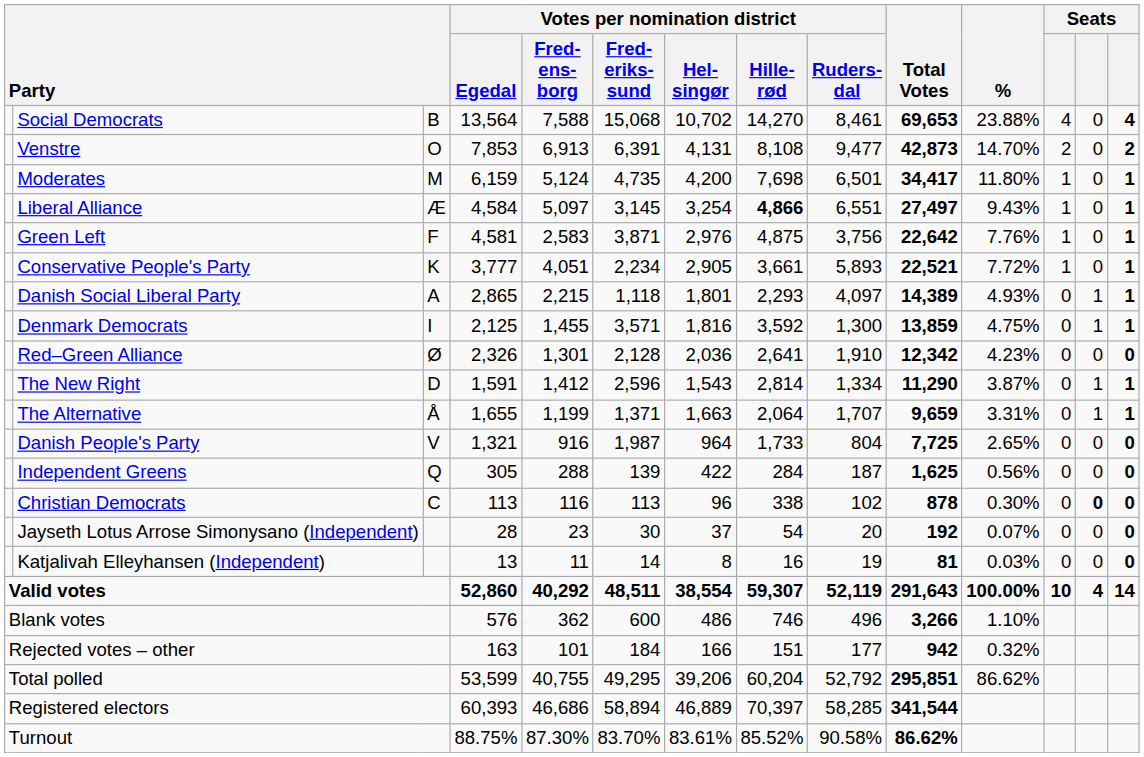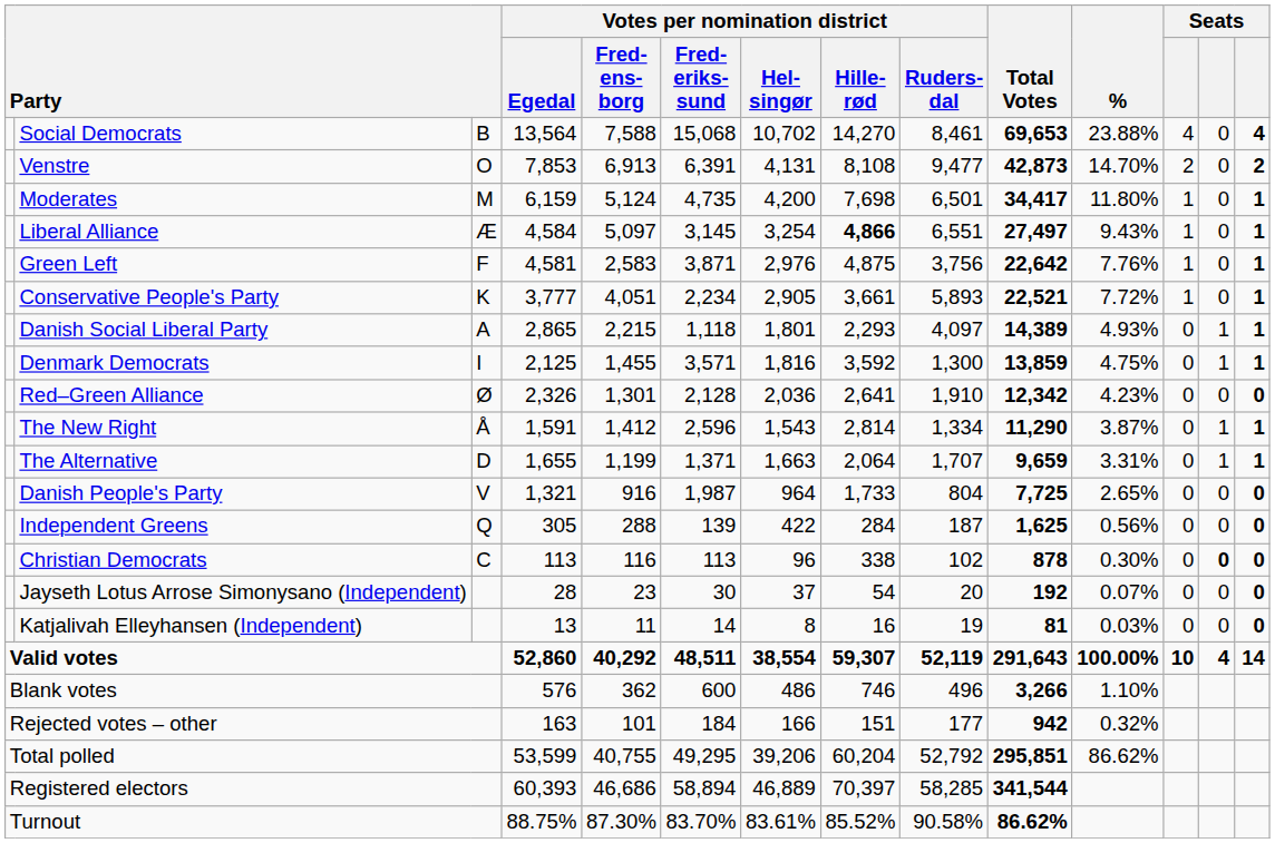 <table class="wikitable" border="1" style="text-align:right;">
 <tr>
 <th style="text-align:left;" valign=bottom rowspan=2 colspan=3>Party</th>
 <th colspan=6>Votes per nomination district</th>
 <th align=center valign=bottom rowspan=2 width="50">Total Votes</th>
 <th align=center valign=bottom rowspan=2 width="50">%</th>
 <th colspan=3>Seats</th>
 </tr>
 <tr>
 <th align=center valign=bottom width="50"><a href='#'>Egedal</a></th>
 <th align="center" valign="bottom" width="50"><a href='#'>Fred- ens- borg</a></th>
 <th align="center" valign="bottom" width="50"><a href='#'>Fred- eriks- sund</a></th>
 <th align="center" valign="bottom" width="50"><a href='#'>Hel- singør</a></th>
 <th align="center" valign="bottom" width="50"><a href='#'>Hille- rød</a></th>
 <th align="center" valign="bottom" width="50"><a href='#'>Ruders- dal</a></th>
 <th align="center" valign="bottom" width="20"><small></small></th>
 <th align=center valign=bottom width="20"><small><a href='#'></a></small></th>
 <th align=center valign=bottom width="20"><small></small></th>
 </tr>
 <tr>
 <td></td>
 <td align=left><a href='#'>Social Democrats</a></td>
 <td align=left>B</td>
 <td>13,564</td>
 <td>7,588</td>
 <td>15,068</td>
 <td>10,702</td>
 <td>14,270</td>
 <td>8,461</td>
 <td><strong>69,653</strong></td>
 <td>23.88%</td>
 <td>4</td>
 <td>0</td>
 <td><strong>4</strong></td>
 </tr>
 <tr>
 <td></td>
 <td align=left><a href='#'>Venstre</a></td>
 <td align=left>O</td>
 <td>7,853</td>
 <td>6,913</td>
 <td>6,391</td>
 <td>4,131</td>
 <td>8,108</td>
 <td>9,477</td>
 <td><strong>42,873</strong></td>
 <td>14.70%</td>
 <td>2</td>
 <td>0</td>
 <td><strong>2</strong></td>
 </tr>
 <tr>
 <td></td>
 <td align=left><a href='#'>Moderates</a></td>
 <td align=left>M</td>
 <td>6,159</td>
 <td>5,124</td>
 <td>4,735</td>
 <td>4,200</td>
 <td>7,698</td>
 <td>6,501</td>
 <td><strong>34,417</strong></td>
 <td>11.80%</td>
 <td>1</td>
 <td>0</td>
 <td><strong>1</strong></td>
 </tr>
 <tr>
 <td></td>
 <td align=left><a href='#'>Liberal Alliance</a></td>
 <td align=left>Æ</td>
 <td>4,584</td>
 <td>5,097</td>
 <td>3,145</td>
 <td>3,254</td>
 <td><strong>4,866</strong></td>
 <td>6,551</td>
 <td><strong>27,497</strong></td>
 <td>9.43%</td>
 <td>1</td>
 <td>0</td>
 <td><strong>1</strong></td>
 </tr>
 <tr>
 <td></td>
 <td align=left><a href='#'>Green Left</a></td>
 <td align=left>F</td>
 <td>4,581</td>
 <td>2,583</td>
 <td>3,871</td>
 <td>2,976</td>
 <td>4,875</td>
 <td>3,756</td>
 <td><strong>22,642</strong></td>
 <td>7.76%</td>
 <td>1</td>
 <td>0</td>
 <td><strong>1</strong></td>
 </tr>
 <tr>
 <td></td>
 <td align=left style="white-space: nowrap;"><a href='#'>Conservative People's Party</a></td>
 <td align=left>K</td>
 <td>3,777</td>
 <td>4,051</td>
 <td>2,234</td>
 <td>2,905</td>
 <td>3,661</td>
 <td>5,893</td>
 <td><strong>22,521</strong></td>
 <td>7.72%</td>
 <td>1</td>
 <td>0</td>
 <td><strong>1</strong></td>
 </tr>
 <tr>
 <td></td>
 <td align=left><a href='#'>Danish Social Liberal Party</a></td>
 <td align=left>A</td>
 <td>2,865</td>
 <td>2,215</td>
 <td>1,118</td>
 <td>1,801</td>
 <td>2,293</td>
 <td>4,097</td>
 <td><strong>14,389</strong></td>
 <td>4.93%</td>
 <td>0</td>
 <td>1</td>
 <td><strong>1</strong></td>
 </tr>
 <tr>
 <td></td>
 <td align=left><a href='#'>Denmark Democrats</a></td>
 <td align=left>I</td>
 <td>2,125</td>
 <td>1,455</td>
 <td>3,571</td>
 <td>1,816</td>
 <td>3,592</td>
 <td>1,300</td>
 <td><strong>13,859</strong></td>
 <td>4.75%</td>
 <td>0</td>
 <td>1</td>
 <td><strong>1</strong></td>
 </tr>
 <tr>
 <td></td>
 <td align=left><a href='#'>Red–Green Alliance</a></td>
 <td align=left>Ø</td>
 <td>2,326</td>
 <td>1,301</td>
 <td>2,128</td>
 <td>2,036</td>
 <td>2,641</td>
 <td>1,910</td>
 <td><strong>12,342</strong></td>
 <td>4.23%</td>
 <td>0</td>
 <td>0</td>
 <td><strong>0</strong></td>
 </tr>
 <tr>
 <td></td>
 <td align=left><a href='#'>The New Right</a></td>
-<td align=left>D</td>
+<td align=left>Å</td>
 <td>1,591</td>
 <td>1,412</td>
 <td>2,596</td>
 <td>1,543</td>
 <td>2,814</td>
 <td>1,334</td>
 <td><strong>11,290</strong></td>
 <td>3.87%</td>
 <td>0</td>
 <td>1</td>
 <td><strong>1</strong></td>
 </tr>
 <tr>
 <td></td>
 <td align=left><a href='#'>The Alternative</a></td>
-<td align=left>Å</td>
+<td align=left>D</td>
 <td>1,655</td>
 <td>1,199</td>
 <td>1,371</td>
 <td>1,663</td>
 <td>2,064</td>
 <td>1,707</td>
 <td><strong>9,659</strong></td>
 <td>3.31%</td>
 <td>0</td>
 <td>1</td>
 <td><strong>1</strong></td>
 </tr>
 <tr>
 <td></td>
 <td align=left><a href='#'>Danish People's Party</a></td>
 <td align=left>V</td>
 <td>1,321</td>
 <td>916</td>
 <td>1,987</td>
 <td>964</td>
 <td>1,733</td>
 <td>804</td>
 <td><strong>7,725</strong></td>
 <td>2.65%</td>
 <td>0</td>
 <td>0</td>
 <td><strong>0</strong></td>
 </tr>
 <tr>
 <td></td>
 <td align=left><a href='#'>Independent Greens</a></td>
 <td align=left>Q</td>
 <td>305</td>
 <td>288</td>
 <td>139</td>
 <td>422</td>
 <td>284</td>
 <td>187</td>
 <td><strong>1,625</strong></td>
 <td>0.56%</td>
 <td>0</td>
 <td>0</td>
 <td><strong>0</strong></td>
 </tr>
 <tr>
 <td></td>
 <td align=left><a href='#'>Christian Democrats</a></td>
 <td align=left>C</td>
 <td>113</td>
 <td>116</td>
 <td>113</td>
 <td>96</td>
 <td>338</td>
 <td>102</td>
 <td><strong>878</strong></td>
 <td>0.30%</td>
 <td>0</td>
 <td><strong>0</strong></td>
 <td><strong>0</strong></td>
 </tr>
 <tr>
 <td></td>
 <td align=left>Jayseth Lotus Arrose Simonysano (<a href='#'>Independent</a>)</td>
 <td></td>
 <td>28</td>
 <td>23</td>
 <td>30</td>
 <td>37</td>
 <td>54</td>
 <td>20</td>
 <td><strong>192</strong></td>
 <td>0.07%</td>
 <td>0</td>
 <td>0</td>
 <td><strong>0</strong></td>
 </tr>
 <tr>
 <td></td>
 <td align=left>Katjalivah Elleyhansen (<a href='#'>Independent</a>)</td>
 <td></td>
 <td>13</td>
 <td>11</td>
 <td>14</td>
 <td>8</td>
 <td>16</td>
 <td>19</td>
 <td><strong>81</strong></td>
 <td>0.03%</td>
 <td>0</td>
 <td>0</td>
 <td><strong>0</strong></td>
 </tr>
 <tr style="font-weight:bold">
 <td align=left colspan=3>Valid votes</td>
 <td>52,860</td>
 <td>40,292</td>
 <td>48,511</td>
 <td>38,554</td>
 <td>59,307</td>
 <td>52,119</td>
 <td>291,643</td>
 <td>100.00%</td>
 <td>10</td>
 <td>4</td>
 <td>14</td>
 </tr>
 <tr>
 <td align=left colspan=3>Blank votes</td>
 <td>576</td>
 <td>362</td>
 <td>600</td>
 <td>486</td>
 <td>746</td>
 <td>496</td>
 <td><strong>3,266</strong></td>
 <td>1.10%</td>
 <td></td>
 <td></td>
 <td></td>
 </tr>
 <tr>
 <td align=left colspan=3>Rejected votes – other</td>
 <td>163</td>
 <td>101</td>
 <td>184</td>
 <td>166</td>
 <td>151</td>
 <td>177</td>
 <td><strong>942</strong></td>
 <td>0.32%</td>
 <td></td>
 <td></td>
 <td></td>
 </tr>
 <tr>
 <td align=left colspan=3>Total polled</td>
 <td>53,599</td>
 <td>40,755</td>
 <td>49,295</td>
 <td>39,206</td>
 <td>60,204</td>
 <td>52,792</td>
 <td><strong>295,851</strong></td>
 <td>86.62%</td>
 <td></td>
 <td></td>
 <td></td>
 </tr>
 <tr>
 <td align=left colspan=3>Registered electors</td>
 <td>60,393</td>
 <td>46,686</td>
 <td>58,894</td>
 <td>46,889</td>
 <td>70,397</td>
 <td>58,285</td>
 <td><strong>341,544</strong></td>
 <td></td>
 <td></td>
 <td></td>
 <td></td>
 </tr>
 <tr>
 <td align=left colspan=3>Turnout</td>
 <td>88.75%</td>
 <td>87.30%</td>
 <td>83.70%</td>
 <td>83.61%</td>
 <td>85.52%</td>
 <td>90.58%</td>
 <td><strong>86.62%</strong></td>
 <td></td>
 <td></td>
 <td></td>
 <td></td>
 </tr>
 </table>
